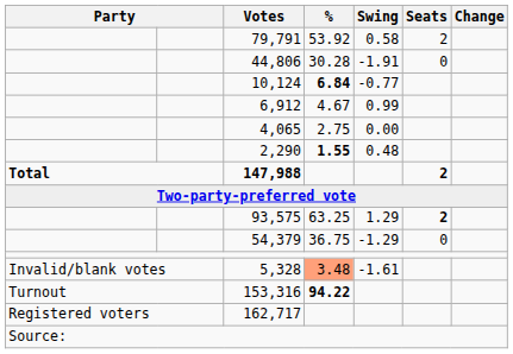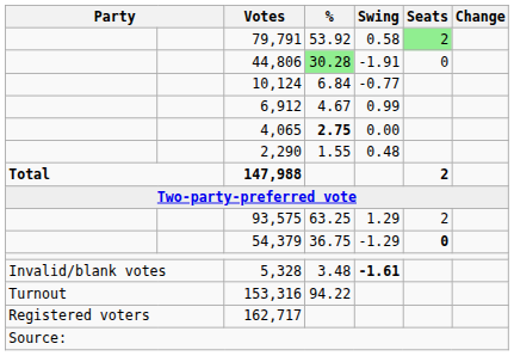 <table class="wikitable">
 <tr>
 <th style="width:200px" colspan=2><strong>Party</strong></th>
 <th style="width:70px; text-align:center;"><strong>Votes</strong></th>
 <th style="width:40px; text-align:center;"><strong>%</strong></th>
 <th style="width:40px; text-align:center;"><strong>Swing</strong></th>
 <th style="width:40px; text-align:center;"><strong>Seats</strong></th>
 <th style="width:40px; text-align:center;"><strong>Change</strong></th>
 </tr>
 <tr>
 <td> </td>
 <td></td>
 <td align=right>79,791</td>
 <td align=right>53.92</td>
 <td align=right>0.58</td>
-<td align=right>2</td>
+<td align=right style="background: lightgreen;">2</td>
 <td align=right></td>
 </tr>
 <tr>
 <td> </td>
 <td></td>
 <td align=right>44,806</td>
-<td align=right>30.28</td>
+<td align=right style="background: lightgreen;">30.28</td>
 <td align=right>-1.91</td>
 <td align=right>0</td>
 <td align=right></td>
 </tr>
 <tr>
 <td> </td>
 <td></td>
 <td align=right>10,124</td>
-<td align=right><strong>6.84</strong></td>
+<td align=right>6.84</td>
 <td align=right>-0.77</td>
 <td align=right></td>
 <td align=right></td>
 </tr>
 <tr>
 <td> </td>
 <td></td>
 <td align=right>6,912</td>
 <td align=right>4.67</td>
 <td align=right>0.99</td>
 <td align=right></td>
 <td align=right></td>
 </tr>
 <tr>
 <td> </td>
 <td></td>
 <td align=right>4,065</td>
-<td align=right>2.75</td>
+<td align=right><strong>2.75</strong></td>
 <td align=right>0.00</td>
 <td align=right></td>
 <td align=right></td>
 </tr>
 <tr>
 <td> </td>
 <td></td>
 <td align=right>2,290</td>
-<td align=right><strong>1.55</strong></td>
+<td align=right>1.55</td>
 <td align=right>0.48</td>
 <td align=right></td>
 <td align=right></td>
 </tr>
 <tr>
 <td colspan=2 align="left"><strong>Total</strong></td>
 <td align=right><strong>147,988</strong></td>
 <td align=right></td>
 <td align=right></td>
 <td align=right><strong>2</strong></td>
 <td align=right></td>
 </tr>
 <tr>
 <td colspan=7 style="text-align:center; background:#eee;"><strong><a href='#'>Two-party-preferred vote</a></strong></td>
 </tr>
 <tr>
 <td> </td>
 <td></td>
 <td align=right>93,575</td>
 <td align=right>63.25</td>
 <td align=right>1.29</td>
-<td align=right><strong>2</strong></td>
+<td align=right>2</td>
 <td align=right></td>
 </tr>
 <tr>
 <td> </td>
 <td></td>
 <td align=right>54,379</td>
 <td align=right>36.75</td>
 <td align=right>-1.29</td>
-<td align=right>0</td>
+<td align=right><strong>0</strong></td>
 <td align=right></td>
 </tr>
 <tr>
 <td colspan=7></td>
 </tr>
 <tr>
 <td colspan=2 style="text-align:left;">Invalid/blank votes</td>
 <td align=right>5,328</td>
-<td align=right style="background: lightsalmon;">3.48</td>
-<td align=right>-1.61</td>
+<td align=right>3.48</td>
+<td align=right><strong>-1.61</strong></td>
 <td></td>
 <td></td>
 </tr>
 <tr>
 <td colspan=2 style="text-align:left;">Turnout</td>
 <td align=right>153,316</td>
-<td align=right><strong>94.22</strong></td>
+<td align=right>94.22</td>
 <td></td>
 <td></td>
 <td></td>
 </tr>
 <tr>
 <td colspan=2 style="text-align:left;">Registered voters</td>
 <td align=right>162,717</td>
 <td></td>
 <td></td>
 <td></td>
 <td></td>
 </tr>
 <tr>
 <td colspan="8" align="left">Source: </td>
 </tr>
 </table>
